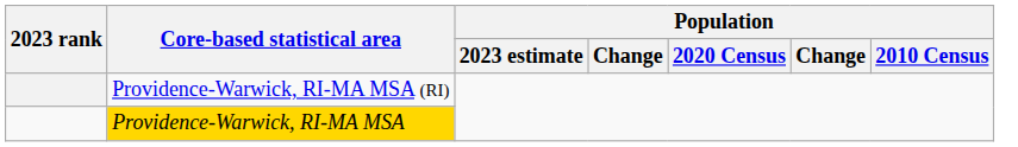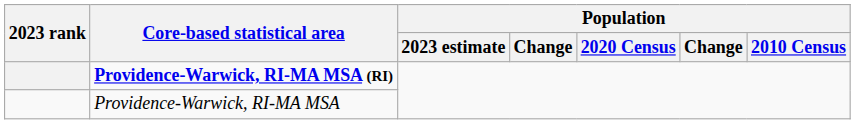 <table class="wikitable sortable">
 <tr>
 <th scope=col rowspan=2>2023 rank</th>
 <th scope=col rowspan=2><a href='#'>Core-based statistical area</a></th>
 <th colspan=5>Population</th>
 </tr>
 <tr>
 <th scope=col>2023 estimate</th>
 <th scope=col>Change</th>
 <th scope=col><a href='#'>2020 Census</a></th>
 <th scope=col>Change</th>
 <th scope=col><a href='#'>2010 Census</a></th>
 </tr>
 <tr>
 <th scope=row></th>
-<td><a href='#'>Providence-Warwick, RI-MA MSA</a> <small>(RI)</small><br></td>
+<td><strong><a href='#'>Providence-Warwick, RI-MA MSA</a> <small>(RI)</small><br></strong></td>
 </tr>
 <tr>
 <td></td>
-<td style="background: gold;"><em><span>Providence-Warwick, RI-MA MSA</span></em><br></td>
+<td><em><span>Providence-Warwick, RI-MA MSA</span></em><br></td>
 </tr>
 </table>
